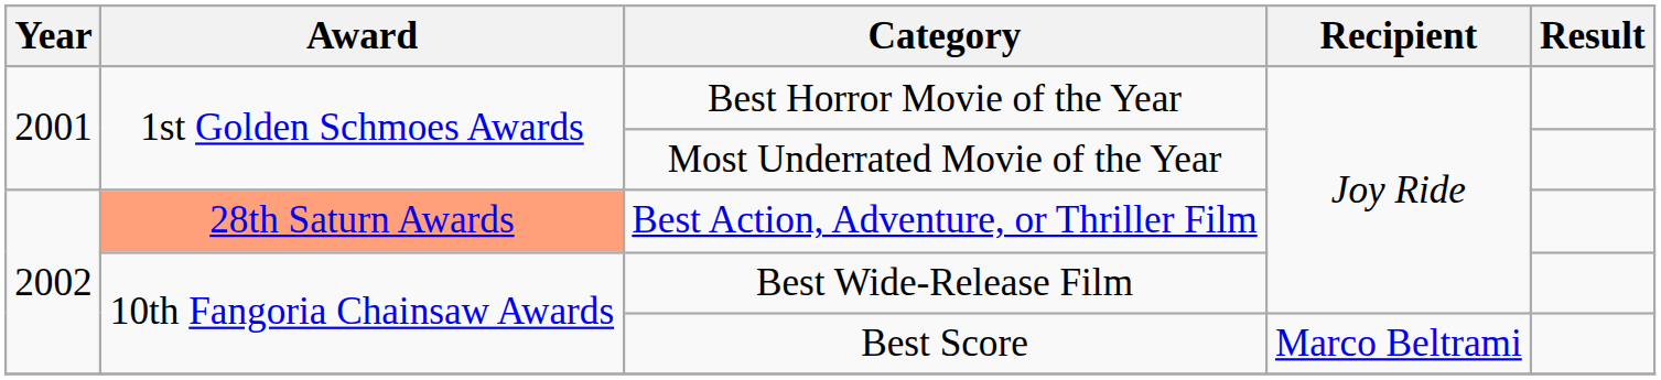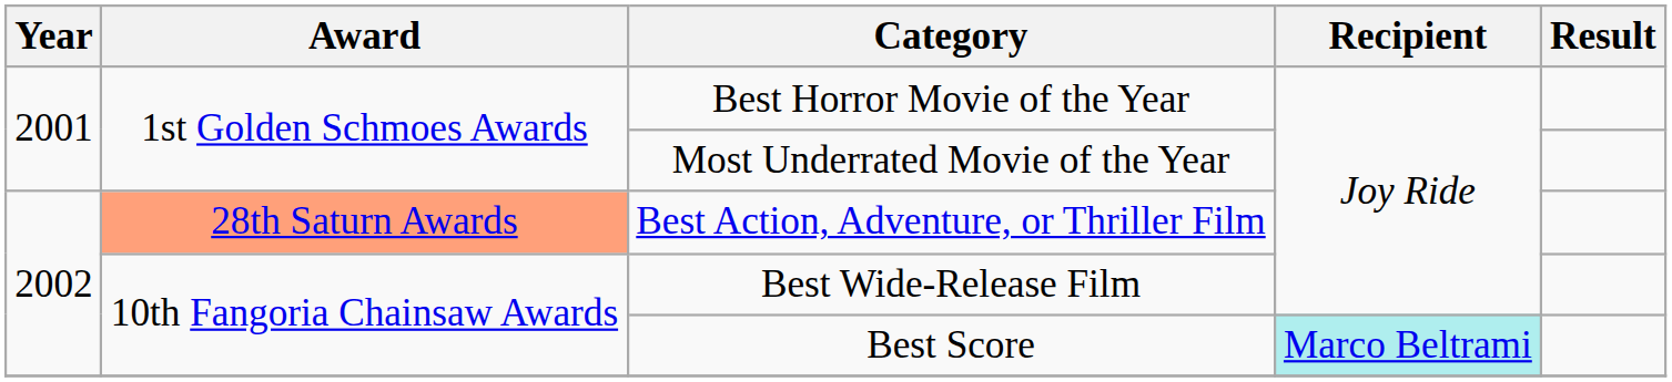 <table class="wikitable plainrowheaders" style="text-align:center;">
 <tr>
 <th scope="col">Year</th>
 <th scope="col">Award</th>
 <th scope="col">Category</th>
 <th scope="col">Recipient</th>
 <th scope="col">Result</th>
 </tr>
 <tr>
 <td rowspan="2">2001</td>
 <td rowspan="2">1st <a href='#'>Golden Schmoes Awards</a></td>
 <td>Best Horror Movie of the Year</td>
 <td rowspan="4"><em>Joy Ride</em></td>
 <td></td>
 </tr>
 <tr>
 <td>Most Underrated Movie of the Year</td>
 <td></td>
 </tr>
 <tr>
 <td rowspan="3">2002</td>
 <td style="background: lightsalmon;"><a href='#'>28th Saturn Awards</a></td>
 <td><a href='#'>Best Action, Adventure, or Thriller Film</a></td>
 <td></td>
 </tr>
 <tr>
 <td rowspan="2">10th <a href='#'>Fangoria Chainsaw Awards</a></td>
 <td>Best Wide-Release Film</td>
 <td></td>
 </tr>
 <tr>
 <td>Best Score</td>
-<td><a href='#'>Marco Beltrami</a></td>
+<td style="background: paleturquoise;"><a href='#'>Marco Beltrami</a></td>
 <td></td>
 </tr>
 <tr>
 </tr>
 </table>
